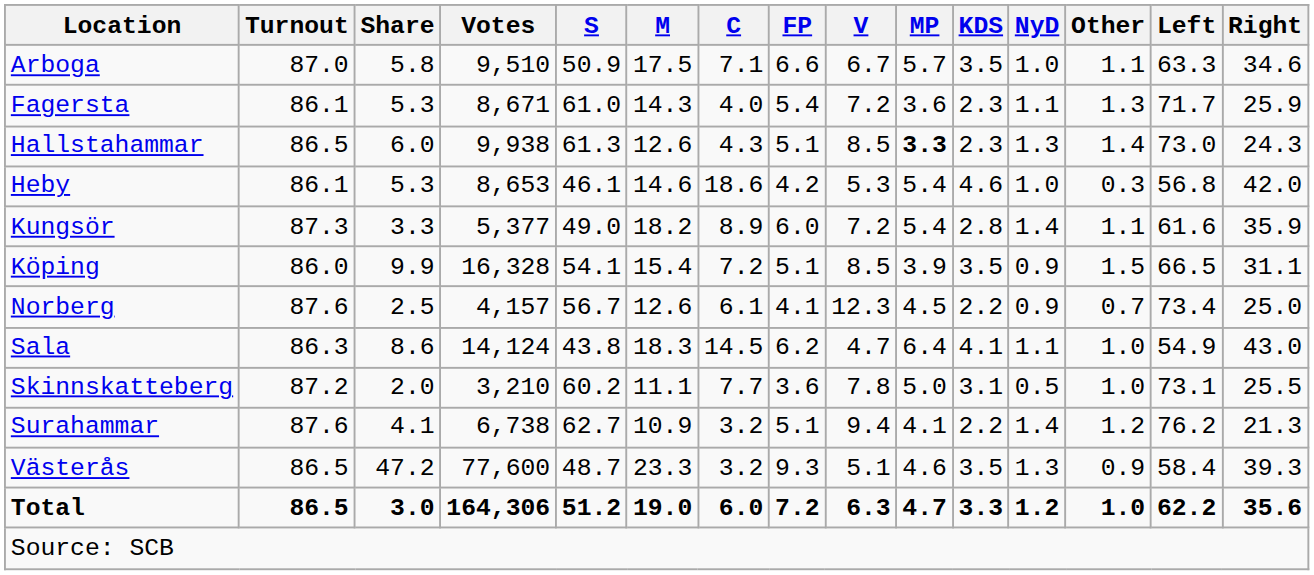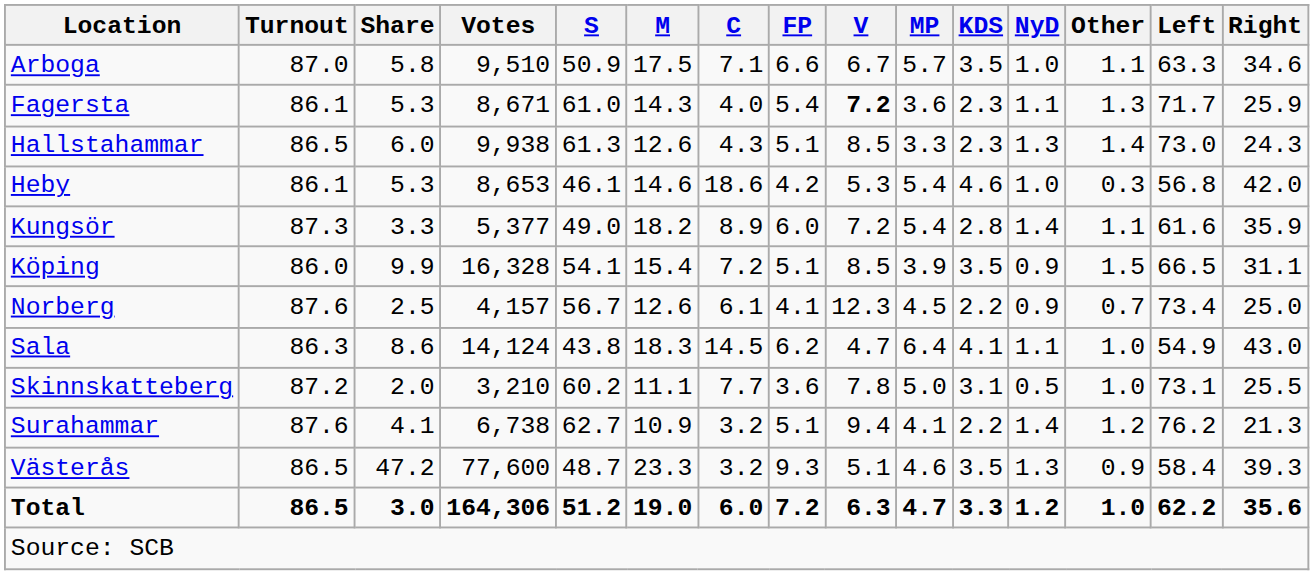 <table class="wikitable sortable" style=text-align:right>
 <tr>
 <th>Location</th>
 <th>Turnout</th>
 <th>Share</th>
 <th>Votes</th>
 <th><a href='#'>S</a></th>
 <th><a href='#'>M</a></th>
 <th><a href='#'>C</a></th>
 <th><a href='#'>FP</a></th>
 <th><a href='#'>V</a></th>
 <th><a href='#'>MP</a></th>
 <th><a href='#'>KDS</a></th>
 <th><a href='#'>NyD</a></th>
 <th>Other</th>
 <th>Left</th>
 <th>Right</th>
 </tr>
 <tr>
 <td align=left><a href='#'>Arboga</a></td>
 <td>87.0</td>
 <td>5.8</td>
 <td>9,510</td>
 <td>50.9</td>
 <td>17.5</td>
 <td>7.1</td>
 <td>6.6</td>
 <td>6.7</td>
 <td>5.7</td>
 <td>3.5</td>
 <td>1.0</td>
 <td>1.1</td>
 <td>63.3</td>
 <td>34.6</td>
 </tr>
 <tr>
 <td align=left><a href='#'>Fagersta</a></td>
 <td>86.1</td>
 <td>5.3</td>
 <td>8,671</td>
 <td>61.0</td>
 <td>14.3</td>
 <td>4.0</td>
 <td>5.4</td>
-<td>7.2</td>
+<td><strong>7.2</strong></td>
 <td>3.6</td>
 <td>2.3</td>
 <td>1.1</td>
 <td>1.3</td>
 <td>71.7</td>
 <td>25.9</td>
 </tr>
 <tr>
 <td align=left><a href='#'>Hallstahammar</a></td>
 <td>86.5</td>
 <td>6.0</td>
 <td>9,938</td>
 <td>61.3</td>
 <td>12.6</td>
 <td>4.3</td>
 <td>5.1</td>
 <td>8.5</td>
-<td><strong>3.3</strong></td>
+<td>3.3</td>
 <td>2.3</td>
 <td>1.3</td>
 <td>1.4</td>
 <td>73.0</td>
 <td>24.3</td>
 </tr>
 <tr>
 <td align=left><a href='#'>Heby</a></td>
 <td>86.1</td>
 <td>5.3</td>
 <td>8,653</td>
 <td>46.1</td>
 <td>14.6</td>
 <td>18.6</td>
 <td>4.2</td>
 <td>5.3</td>
 <td>5.4</td>
 <td>4.6</td>
 <td>1.0</td>
 <td>0.3</td>
 <td>56.8</td>
 <td>42.0</td>
 </tr>
 <tr>
 <td align=left><a href='#'>Kungsör</a></td>
 <td>87.3</td>
 <td>3.3</td>
 <td>5,377</td>
 <td>49.0</td>
 <td>18.2</td>
 <td>8.9</td>
 <td>6.0</td>
 <td>7.2</td>
 <td>5.4</td>
 <td>2.8</td>
 <td>1.4</td>
 <td>1.1</td>
 <td>61.6</td>
 <td>35.9</td>
 </tr>
 <tr>
 <td align=left><a href='#'>Köping</a></td>
 <td>86.0</td>
 <td>9.9</td>
 <td>16,328</td>
 <td>54.1</td>
 <td>15.4</td>
 <td>7.2</td>
 <td>5.1</td>
 <td>8.5</td>
 <td>3.9</td>
 <td>3.5</td>
 <td>0.9</td>
 <td>1.5</td>
 <td>66.5</td>
 <td>31.1</td>
 </tr>
 <tr>
 <td align=left><a href='#'>Norberg</a></td>
 <td>87.6</td>
 <td>2.5</td>
 <td>4,157</td>
 <td>56.7</td>
 <td>12.6</td>
 <td>6.1</td>
 <td>4.1</td>
 <td>12.3</td>
 <td>4.5</td>
 <td>2.2</td>
 <td>0.9</td>
 <td>0.7</td>
 <td>73.4</td>
 <td>25.0</td>
 </tr>
 <tr>
 <td align=left><a href='#'>Sala</a></td>
 <td>86.3</td>
 <td>8.6</td>
 <td>14,124</td>
 <td>43.8</td>
 <td>18.3</td>
 <td>14.5</td>
 <td>6.2</td>
 <td>4.7</td>
 <td>6.4</td>
 <td>4.1</td>
 <td>1.1</td>
 <td>1.0</td>
 <td>54.9</td>
 <td>43.0</td>
 </tr>
 <tr>
 <td align=left><a href='#'>Skinnskatteberg</a></td>
 <td>87.2</td>
 <td>2.0</td>
 <td>3,210</td>
 <td>60.2</td>
 <td>11.1</td>
 <td>7.7</td>
 <td>3.6</td>
 <td>7.8</td>
 <td>5.0</td>
 <td>3.1</td>
 <td>0.5</td>
 <td>1.0</td>
 <td>73.1</td>
 <td>25.5</td>
 </tr>
 <tr>
 <td align=left><a href='#'>Surahammar</a></td>
 <td>87.6</td>
 <td>4.1</td>
 <td>6,738</td>
 <td>62.7</td>
 <td>10.9</td>
 <td>3.2</td>
 <td>5.1</td>
 <td>9.4</td>
 <td>4.1</td>
 <td>2.2</td>
 <td>1.4</td>
 <td>1.2</td>
 <td>76.2</td>
 <td>21.3</td>
 </tr>
 <tr>
 <td align=left><a href='#'>Västerås</a></td>
 <td>86.5</td>
 <td>47.2</td>
 <td>77,600</td>
 <td>48.7</td>
 <td>23.3</td>
 <td>3.2</td>
 <td>9.3</td>
 <td>5.1</td>
 <td>4.6</td>
 <td>3.5</td>
 <td>1.3</td>
 <td>0.9</td>
 <td>58.4</td>
 <td>39.3</td>
 </tr>
 <tr>
 <td align=left><strong>Total</strong></td>
 <td><strong>86.5</strong></td>
 <td><strong>3.0</strong></td>
 <td><strong>164,306</strong></td>
 <td><strong>51.2</strong></td>
 <td><strong>19.0</strong></td>
 <td><strong>6.0</strong></td>
 <td><strong>7.2</strong></td>
 <td><strong>6.3</strong></td>
 <td><strong>4.7</strong></td>
 <td><strong>3.3</strong></td>
 <td><strong>1.2</strong></td>
 <td><strong>1.0</strong></td>
 <td><strong>62.2</strong></td>
 <td><strong>35.6</strong></td>
 </tr>
 <tr>
 <td align=left colspan=15>Source: SCB </td>
 </tr>
 </table>
